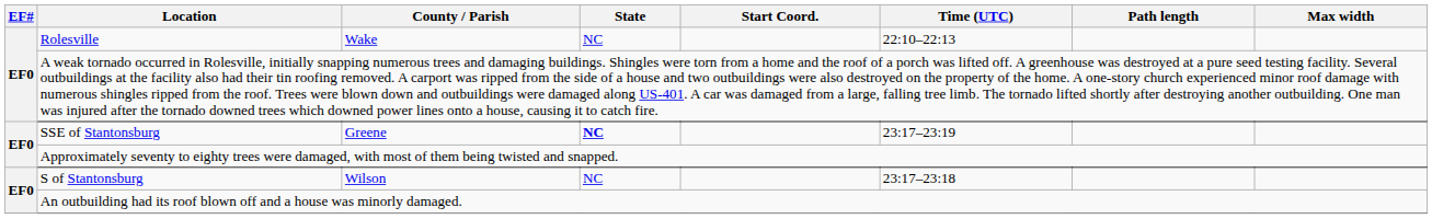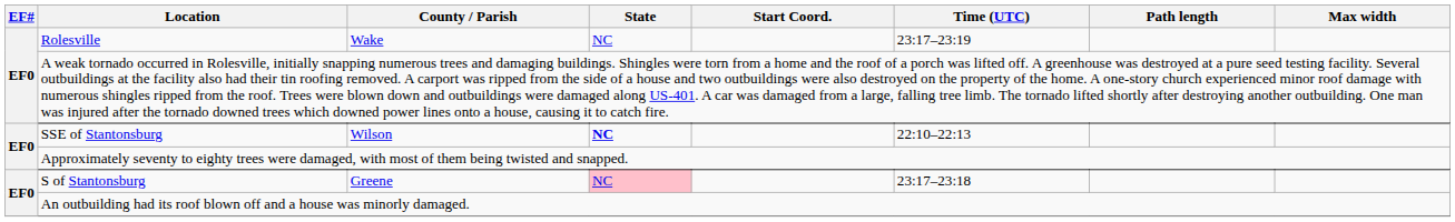 <table class="wikitable sortable" style="width:100%;">
 <tr>
 <th scope="col" width="2%" align="center"><a href='#'>EF#</a></th>
 <th scope="col" align="center" class="unsortable">Location</th>
 <th scope="col" align="center" class="unsortable">County / Parish</th>
 <th scope="col" align="center">State</th>
 <th scope="col" align="center">Start Coord.</th>
 <th scope="col" align="center">Time (<a href='#'>UTC</a>)</th>
 <th scope="col" align="center">Path length</th>
 <th scope="col" align="center">Max width</th>
 </tr>
 <tr>
 <th scope="row" rowspan="2" style="background-color:#">EF0</th>
 <td><a href='#'>Rolesville</a></td>
 <td><a href='#'>Wake</a></td>
 <td><a href='#'>NC</a></td>
 <td></td>
-<td>22:10–22:13</td>
+<td>23:17–23:19</td>
 <td></td>
 <td></td>
 </tr>
 <tr class="expand-child">
 <td colspan="8" style=" border-bottom: 1px solid black;">A weak tornado occurred in Rolesville, initially snapping numerous trees and damaging buildings. Shingles were torn from a home and the roof of a porch was lifted off. A greenhouse was destroyed at a pure seed testing facility. Several outbuildings at the facility also had their tin roofing removed. A carport was ripped from the side of a house and two outbuildings were also destroyed on the property of the home. A one-story church experienced minor roof damage with numerous shingles ripped from the roof. Trees were blown down and outbuildings were damaged along <a href='#'>US-401</a>. A car was damaged from a large, falling tree limb. The tornado lifted shortly after destroying another outbuilding. One man was injured after the tornado downed trees which downed power lines onto a house, causing it to catch fire.</td>
 </tr>
 <tr>
 <th scope="row" rowspan="2" style="background-color:#">EF0</th>
 <td>SSE of <a href='#'>Stantonsburg</a></td>
-<td><a href='#'>Greene</a></td>
+<td><a href='#'>Wilson</a></td>
 <td><strong><a href='#'>NC</a></strong></td>
 <td></td>
-<td>23:17–23:19</td>
+<td>22:10–22:13</td>
 <td></td>
 <td></td>
 </tr>
 <tr class="expand-child">
 <td colspan="8" style=" border-bottom: 1px solid black;">Approximately seventy to eighty trees were damaged, with most of them being twisted and snapped.</td>
 </tr>
 <tr>
 <th scope="row" rowspan="2" style="background-color:#">EF0</th>
 <td>S of <a href='#'>Stantonsburg</a></td>
-<td><a href='#'>Wilson</a></td>
-<td><a href='#'>NC</a></td>
+<td><a href='#'>Greene</a></td>
+<td style="background: pink;"><a href='#'>NC</a></td>
 <td></td>
 <td>23:17–23:18</td>
 <td></td>
 <td></td>
 </tr>
 <tr class="expand-child">
 <td colspan="8" style=" border-bottom: 1px solid black;">An outbuilding had its roof blown off and a house was minorly damaged.</td>
 </tr>
 <tr>
 </tr>
 </table>
